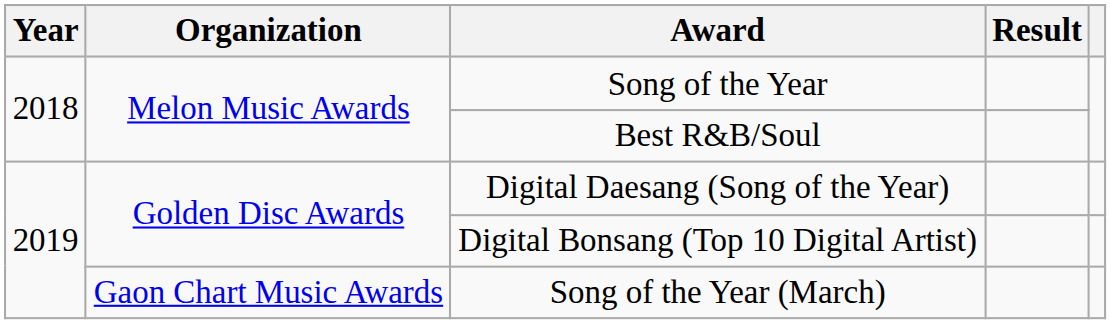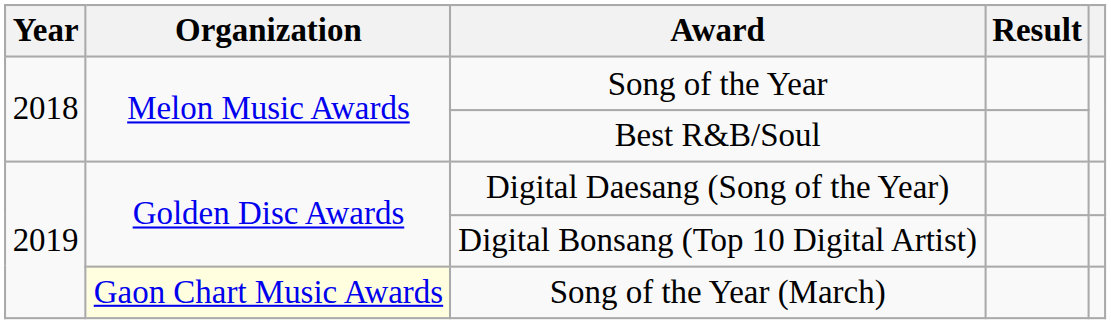 <table class="wikitable plainrowheaders" style="text-align:center;">
 <tr>
 <th scope="col">Year</th>
 <th scope="col">Organization</th>
 <th scope="col">Award</th>
 <th scope="col">Result</th>
 <th class="unsortable"></th>
 </tr>
 <tr>
 <td rowspan="2">2018</td>
 <td rowspan="2"><a href='#'>Melon Music Awards</a></td>
 <td>Song of the Year</td>
 <td></td>
 <td rowspan="2"></td>
 </tr>
 <tr>
 <td>Best R&B/Soul</td>
 <td></td>
 </tr>
 <tr>
 <td rowspan="3">2019</td>
 <td rowspan="2"><a href='#'>Golden Disc Awards</a></td>
 <td>Digital Daesang (Song of the Year)</td>
 <td></td>
 <td></td>
 </tr>
 <tr>
 <td>Digital Bonsang (Top 10 Digital Artist)</td>
 <td></td>
 <td></td>
 </tr>
 <tr>
-<td><a href='#'>Gaon Chart Music Awards</a></td>
+<td style="background: lightyellow;"><a href='#'>Gaon Chart Music Awards</a></td>
 <td>Song of the Year (March)</td>
 <td></td>
 <td></td>
 </tr>
 </table>
